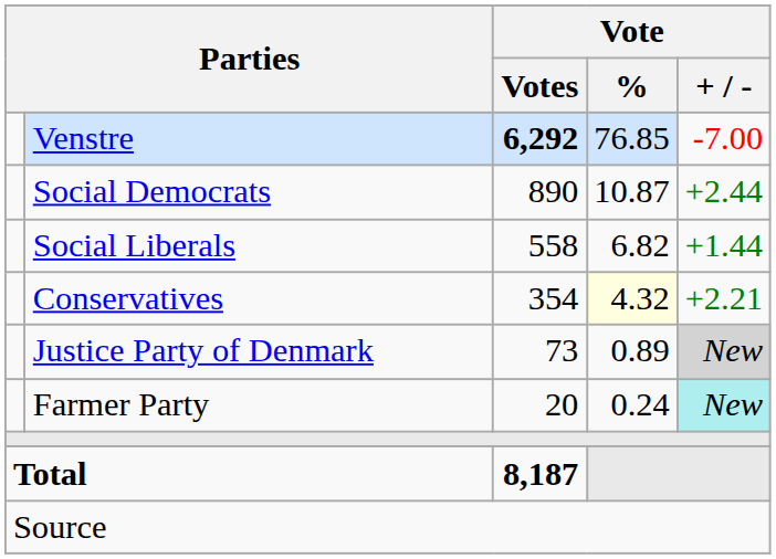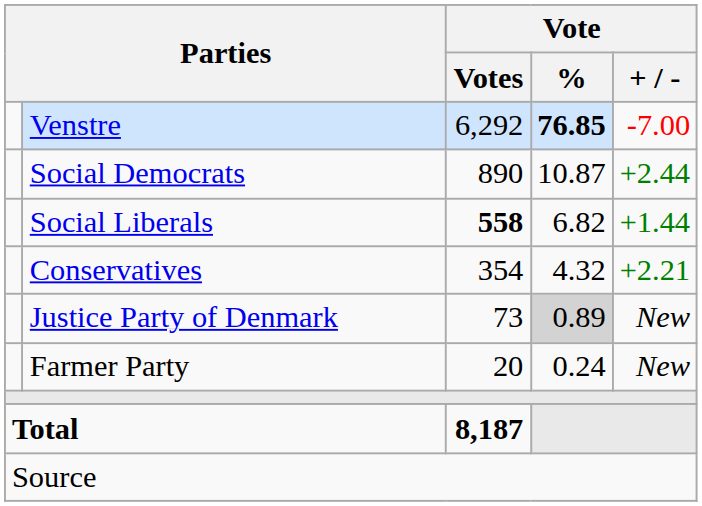 <table class="wikitable" style="text-align:right;">
 <tr>
 <th style="text-align:centre;" rowspan="2" colspan="2" width="225">Parties</th>
 <th colspan="3">Vote</th>
 </tr>
 <tr>
 <th width="15">Votes</th>
 <th width="15">%</th>
 <th width="15">+ / -</th>
 </tr>
 <tr>
 <td width="2" style="color:inherit;background:"></td>
 <td bgcolor=#cfe5fe  align="left"><a href='#'>Venstre</a></td>
-<td bgcolor=#cfe5fe><strong>6,292</strong></td>
-<td bgcolor=#cfe5fe>76.85</td>
+<td bgcolor=#cfe5fe>6,292</td>
+<td bgcolor=#cfe5fe><strong>76.85</strong></td>
 <td style=color:red;>-7.00</td>
 </tr>
 <tr>
 <td width="2" style="color:inherit;background:"></td>
 <td align="left"><a href='#'>Social Democrats</a></td>
 <td>890</td>
 <td>10.87</td>
 <td style=color:green;>+2.44</td>
 </tr>
 <tr>
 <td width="2" style="color:inherit;background:"></td>
 <td align="left"><a href='#'>Social Liberals</a></td>
-<td>558</td>
+<td><strong>558</strong></td>
 <td>6.82</td>
 <td style=color:green;>+1.44</td>
 </tr>
 <tr>
 <td width="2" style="color:inherit;background:"></td>
 <td align="left"><a href='#'>Conservatives</a></td>
 <td>354</td>
-<td style="background: lightyellow;">4.32</td>
+<td>4.32</td>
 <td style=color:green;>+2.21</td>
 </tr>
 <tr>
 <td width="2" style="color:inherit;background:"></td>
 <td align="left"><a href='#'>Justice Party of Denmark</a></td>
 <td>73</td>
-<td>0.89</td>
-<td style="background: lightgrey;"><em>New</em></td>
+<td style="background: lightgrey;">0.89</td>
+<td><em>New</em></td>
 </tr>
 <tr>
 <td width="2" style="color:inherit;background:"></td>
 <td align="left">Farmer Party</td>
 <td>20</td>
 <td>0.24</td>
-<td style="background: paleturquoise;"><em>New</em></td>
+<td><em>New</em></td>
 </tr>
 <tr>
 <td colspan="7" bgcolor="#E9E9E9"></td>
 </tr>
 <tr>
 <td align="left" colspan="2"><strong>Total</strong></td>
 <td><strong>8,187</strong></td>
 <td bgcolor="#E9E9E9" colspan="2"></td>
 </tr>
 <tr>
 <td align="left" colspan="6">Source</td>
 </tr>
 </table>
